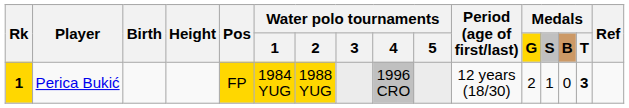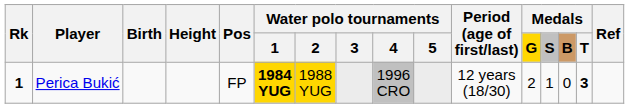 <table class="wikitable sortable" style="text-align: center; font-size: 90%; margin-left: 1em;">
 <tr>
 <th rowspan="2">Rk</th>
 <th rowspan="2">Player</th>
 <th rowspan="2">Birth</th>
 <th rowspan="2">Height</th>
 <th rowspan="2">Pos</th>
 <th colspan="5">Water polo tournaments</th>
 <th rowspan="2">Period<br>(age of<br>first/last)</th>
 <th colspan="4">Medals</th>
 <th rowspan="2" class="unsortable">Ref</th>
 </tr>
 <tr>
 <th>1</th>
 <th style="width: 2em;" class="unsortable">2</th>
 <th style="width: 2em;" class="unsortable">3</th>
 <th style="width: 2em;" class="unsortable">4</th>
 <th style="width: 2em;" class="unsortable">5</th>
 <th style="background-color: gold;">G</th>
 <th style="background-color: silver;">S</th>
 <th style="background-color: #cc9966;">B</th>
 <th>T</th>
 </tr>
 <tr>
-<td style="background: gold;"><strong>1</strong></td>
+<td><strong>1</strong></td>
 <td style="text-align: left;" data-sort-value="Bukić, Perica"><a href='#'>Perica Bukić</a></td>
 <td></td>
 <td></td>
-<td style="background: gold;">FP</td>
-<td style="background-color: gold;">1984<br>YUG</td>
+<td>FP</td>
+<td style="background-color: gold;"><strong>1984<br>YUG</strong></td>
 <td style="background-color: gold;">1988<br>YUG</td>
 <td style="background-color: #ececec;"></td>
 <td style="background-color: silver;">1996<br>CRO</td>
 <td style="background-color: #ececec;"></td>
 <td>12 years<br>(18/30)</td>
 <td>2</td>
 <td>1</td>
 <td>0</td>
 <td><strong>3</strong></td>
 <td></td>
 </tr>
 </table>
